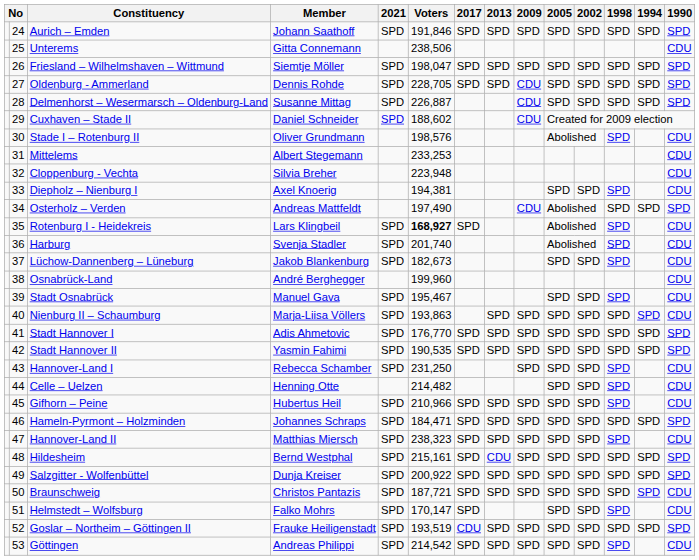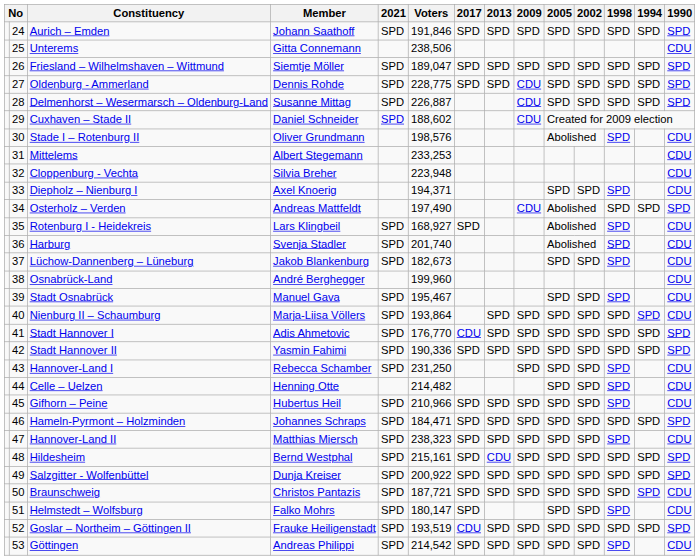 <table class="wikitable sortable">
 <tr>
 <th colspan=2>No</th>
 <th>Constituency</th>
 <th>Member</th>
 <th>2021</th>
 <th>Voters</th>
 <th>2017</th>
 <th>2013</th>
 <th>2009</th>
 <th>2005</th>
 <th>2002</th>
 <th>1998</th>
 <th>1994</th>
 <th>1990</th>
 </tr>
 <tr>
 <td style="background-color: "></td>
 <td>24</td>
 <td><a href='#'>Aurich – Emden</a></td>
 <td><a href='#'>Johann Saathoff</a></td>
 <td bgcolor=>SPD</td>
 <td>191,846</td>
 <td bgcolor=>SPD</td>
 <td bgcolor=>SPD</td>
 <td bgcolor=>SPD</td>
 <td bgcolor=>SPD</td>
 <td bgcolor=>SPD</td>
 <td bgcolor=>SPD</td>
 <td bgcolor=>SPD</td>
 <td><a href='#'>SPD</a></td>
 </tr>
 <tr>
 <td style="background-color: "></td>
 <td>25</td>
 <td><a href='#'>Unterems</a></td>
 <td><a href='#'>Gitta Connemann</a></td>
 <td></td>
 <td>238,506</td>
 <td></td>
 <td></td>
 <td></td>
 <td></td>
 <td></td>
 <td></td>
 <td></td>
 <td><a href='#'>CDU</a></td>
 </tr>
 <tr>
 <td style="background-color: "></td>
 <td>26</td>
 <td><a href='#'>Friesland – Wilhelmshaven – Wittmund</a></td>
 <td><a href='#'>Siemtje Möller</a></td>
 <td bgcolor=>SPD</td>
-<td>198,047</td>
+<td>189,047</td>
 <td bgcolor=>SPD</td>
 <td bgcolor=>SPD</td>
 <td bgcolor=>SPD</td>
 <td bgcolor=>SPD</td>
 <td bgcolor=>SPD</td>
 <td bgcolor=>SPD</td>
 <td bgcolor=>SPD</td>
 <td><a href='#'>SPD</a></td>
 </tr>
 <tr>
 <td style="background-color: "></td>
 <td>27</td>
 <td><a href='#'>Oldenburg - Ammerland</a></td>
 <td><a href='#'>Dennis Rohde</a></td>
 <td bgcolor=>SPD</td>
-<td>228,705</td>
+<td>228,775</td>
 <td bgcolor=>SPD</td>
 <td bgcolor=>SPD</td>
 <td><a href='#'>CDU</a></td>
 <td bgcolor=>SPD</td>
 <td bgcolor=>SPD</td>
 <td bgcolor=>SPD</td>
 <td bgcolor=>SPD</td>
 <td><a href='#'>SPD</a></td>
 </tr>
 <tr>
 <td style="background-color: "></td>
 <td>28</td>
 <td><a href='#'>Delmenhorst – Wesermarsch – Oldenburg-Land</a></td>
 <td><a href='#'>Susanne Mittag</a></td>
 <td bgcolor=>SPD</td>
 <td>226,887</td>
 <td></td>
 <td></td>
 <td><a href='#'>CDU</a></td>
 <td bgcolor=>SPD</td>
 <td bgcolor=>SPD</td>
 <td bgcolor=>SPD</td>
 <td bgcolor=>SPD</td>
 <td><a href='#'>SPD</a></td>
 </tr>
 <tr>
 <td style="background-color: "></td>
 <td>29</td>
 <td><a href='#'>Cuxhaven – Stade II</a></td>
 <td><a href='#'>Daniel Schneider</a></td>
 <td><a href='#'>SPD</a></td>
 <td>188,602</td>
 <td></td>
 <td></td>
 <td><a href='#'>CDU</a></td>
 <td colspan=5>Created for 2009 election</td>
 </tr>
 <tr>
 <td style="background-color: "></td>
 <td>30</td>
 <td><a href='#'>Stade I – Rotenburg II</a></td>
 <td><a href='#'>Oliver Grundmann</a></td>
 <td></td>
 <td>198,576</td>
 <td></td>
 <td></td>
 <td></td>
 <td colspan=2>Abolished</td>
 <td><a href='#'>SPD</a></td>
 <td></td>
 <td><a href='#'>CDU</a></td>
 </tr>
 <tr>
 <td style="background-color: "></td>
 <td>31</td>
 <td><a href='#'>Mittelems</a></td>
 <td><a href='#'>Albert Stegemann</a></td>
 <td></td>
 <td>233,253</td>
 <td></td>
 <td></td>
 <td></td>
 <td></td>
 <td></td>
 <td></td>
 <td></td>
 <td><a href='#'>CDU</a></td>
 </tr>
 <tr>
 <td style="background-color: "></td>
 <td>32</td>
 <td><a href='#'>Cloppenburg - Vechta</a></td>
 <td><a href='#'>Silvia Breher</a></td>
 <td></td>
 <td>223,948</td>
 <td></td>
 <td></td>
 <td></td>
 <td></td>
 <td></td>
 <td></td>
 <td></td>
 <td><a href='#'>CDU</a></td>
 </tr>
 <tr>
 <td style="background-color: "></td>
 <td>33</td>
 <td><a href='#'>Diepholz – Nienburg I</a></td>
 <td><a href='#'>Axel Knoerig</a></td>
 <td></td>
-<td>194,381</td>
+<td>194,371</td>
 <td></td>
 <td></td>
 <td></td>
 <td bgcolor=>SPD</td>
 <td bgcolor=>SPD</td>
 <td><a href='#'>SPD</a></td>
 <td></td>
 <td><a href='#'>CDU</a></td>
 </tr>
 <tr>
 <td style="background-color: "></td>
 <td>34</td>
 <td><a href='#'>Osterholz – Verden</a></td>
 <td><a href='#'>Andreas Mattfeldt</a></td>
 <td></td>
 <td>197,490</td>
 <td></td>
 <td></td>
 <td><a href='#'>CDU</a></td>
 <td colspan=2>Abolished</td>
 <td bgcolor=>SPD</td>
 <td bgcolor=>SPD</td>
 <td><a href='#'>SPD</a></td>
 </tr>
 <tr>
 <td style="background-color: "></td>
 <td>35</td>
 <td><a href='#'>Rotenburg I - Heidekreis</a></td>
 <td><a href='#'>Lars Klingbeil</a></td>
 <td bgcolor=>SPD</td>
-<td><strong>168,927</strong></td>
+<td>168,927</td>
 <td bgcolor=>SPD</td>
 <td></td>
 <td></td>
 <td colspan=2>Abolished</td>
 <td><a href='#'>SPD</a></td>
 <td></td>
 <td><a href='#'>CDU</a></td>
 </tr>
 <tr>
 <td style="background-color: "></td>
 <td>36</td>
 <td><a href='#'>Harburg</a></td>
 <td><a href='#'>Svenja Stadler</a></td>
 <td bgcolor=>SPD</td>
 <td>201,740</td>
 <td></td>
 <td></td>
 <td></td>
 <td colspan=2>Abolished</td>
 <td><a href='#'>SPD</a></td>
 <td></td>
 <td><a href='#'>CDU</a></td>
 </tr>
 <tr>
 <td style="background-color: "></td>
 <td>37</td>
 <td><a href='#'>Lüchow-Dannenberg – Lüneburg</a></td>
 <td><a href='#'>Jakob Blankenburg</a></td>
 <td bgcolor=>SPD</td>
 <td>182,673</td>
 <td></td>
 <td></td>
 <td></td>
 <td bgcolor=>SPD</td>
 <td bgcolor=>SPD</td>
 <td><a href='#'>SPD</a></td>
 <td></td>
 <td><a href='#'>CDU</a></td>
 </tr>
 <tr>
 <td style="background-color: "></td>
 <td>38</td>
 <td><a href='#'>Osnabrück-Land</a></td>
 <td><a href='#'>André Berghegger</a></td>
 <td></td>
 <td>199,960</td>
 <td></td>
 <td></td>
 <td></td>
 <td></td>
 <td></td>
 <td></td>
 <td></td>
 <td><a href='#'>CDU</a></td>
 </tr>
 <tr>
 <td style="background-color: "></td>
 <td>39</td>
 <td><a href='#'>Stadt Osnabrück</a></td>
 <td><a href='#'>Manuel Gava</a></td>
 <td bgcolor=>SPD</td>
 <td>195,467</td>
 <td></td>
 <td></td>
 <td></td>
 <td bgcolor=>SPD</td>
 <td bgcolor=>SPD</td>
 <td><a href='#'>SPD</a></td>
 <td></td>
 <td><a href='#'>CDU</a></td>
 </tr>
 <tr>
 <td style="background-color: "></td>
 <td>40</td>
 <td><a href='#'>Nienburg II – Schaumburg</a></td>
 <td><a href='#'>Marja-Liisa Völlers</a></td>
 <td bgcolor=>SPD</td>
-<td>193,863</td>
+<td>193,864</td>
 <td></td>
 <td bgcolor=>SPD</td>
 <td bgcolor=>SPD</td>
 <td bgcolor=>SPD</td>
 <td bgcolor=>SPD</td>
 <td bgcolor=>SPD</td>
 <td><a href='#'>SPD</a></td>
 <td><a href='#'>CDU</a></td>
 </tr>
 <tr>
 <td style="background-color: "></td>
 <td>41</td>
 <td><a href='#'>Stadt Hannover I</a></td>
 <td><a href='#'>Adis Ahmetovic</a></td>
 <td bgcolor=>SPD</td>
 <td>176,770</td>
-<td bgcolor=>SPD</td>
+<td><a href='#'>CDU</a></td>
 <td bgcolor=>SPD</td>
 <td bgcolor=>SPD</td>
 <td bgcolor=>SPD</td>
 <td bgcolor=>SPD</td>
 <td bgcolor=>SPD</td>
 <td bgcolor=>SPD</td>
 <td><a href='#'>SPD</a></td>
 </tr>
 <tr>
 <td style="background-color: "></td>
 <td>42</td>
 <td><a href='#'>Stadt Hannover II</a></td>
 <td><a href='#'>Yasmin Fahimi</a></td>
 <td bgcolor=>SPD</td>
-<td>190,535</td>
+<td>190,336</td>
 <td bgcolor=>SPD</td>
 <td bgcolor=>SPD</td>
 <td bgcolor=>SPD</td>
 <td bgcolor=>SPD</td>
 <td bgcolor=>SPD</td>
 <td bgcolor=>SPD</td>
 <td bgcolor=>SPD</td>
 <td><a href='#'>SPD</a></td>
 </tr>
 <tr>
 <td style="background-color: "></td>
 <td>43</td>
 <td><a href='#'>Hannover-Land I</a></td>
 <td><a href='#'>Rebecca Schamber</a></td>
 <td bgcolor=>SPD</td>
 <td>231,250</td>
 <td></td>
 <td></td>
 <td bgcolor=>SPD</td>
 <td bgcolor=>SPD</td>
 <td bgcolor=>SPD</td>
 <td><a href='#'>SPD</a></td>
 <td></td>
 <td><a href='#'>CDU</a></td>
 </tr>
 <tr>
 <td style="background-color: "></td>
 <td>44</td>
 <td><a href='#'>Celle – Uelzen</a></td>
 <td><a href='#'>Henning Otte</a></td>
 <td></td>
 <td>214,482</td>
 <td></td>
 <td></td>
 <td></td>
 <td bgcolor=>SPD</td>
 <td bgcolor=>SPD</td>
 <td><a href='#'>SPD</a></td>
 <td></td>
 <td><a href='#'>CDU</a></td>
 </tr>
 <tr>
 <td style="background-color: "></td>
 <td>45</td>
 <td><a href='#'>Gifhorn – Peine</a></td>
 <td><a href='#'>Hubertus Heil</a></td>
 <td bgcolor=>SPD</td>
 <td>210,966</td>
 <td bgcolor=>SPD</td>
 <td bgcolor=>SPD</td>
 <td bgcolor=>SPD</td>
 <td bgcolor=>SPD</td>
 <td bgcolor=>SPD</td>
 <td><a href='#'>SPD</a></td>
 <td></td>
 <td><a href='#'>CDU</a></td>
 </tr>
 <tr>
 <td style="background-color: "></td>
 <td>46</td>
 <td><a href='#'>Hameln-Pyrmont – Holzminden</a></td>
 <td><a href='#'>Johannes Schraps</a></td>
 <td bgcolor=>SPD</td>
 <td>184,471</td>
 <td bgcolor=>SPD</td>
 <td bgcolor=>SPD</td>
 <td bgcolor=>SPD</td>
 <td bgcolor=>SPD</td>
 <td bgcolor=>SPD</td>
 <td bgcolor=>SPD</td>
 <td bgcolor=>SPD</td>
 <td><a href='#'>SPD</a></td>
 </tr>
 <tr>
 <td style="background-color: "></td>
 <td>47</td>
 <td><a href='#'>Hannover-Land II</a></td>
 <td><a href='#'>Matthias Miersch</a></td>
 <td bgcolor=>SPD</td>
 <td>238,323</td>
 <td bgcolor=>SPD</td>
 <td bgcolor=>SPD</td>
 <td bgcolor=>SPD</td>
 <td bgcolor=>SPD</td>
 <td bgcolor=>SPD</td>
 <td><a href='#'>SPD</a></td>
 <td></td>
 <td><a href='#'>CDU</a></td>
 </tr>
 <tr>
 <td style="background-color: "></td>
 <td>48</td>
 <td><a href='#'>Hildesheim</a></td>
 <td><a href='#'>Bernd Westphal</a></td>
 <td bgcolor=>SPD</td>
 <td>215,161</td>
 <td bgcolor=>SPD</td>
 <td><a href='#'>CDU</a></td>
 <td bgcolor=>SPD</td>
 <td bgcolor=>SPD</td>
 <td bgcolor=>SPD</td>
 <td bgcolor=>SPD</td>
 <td bgcolor=>SPD</td>
 <td><a href='#'>SPD</a></td>
 </tr>
 <tr>
 <td style="background-color: "></td>
 <td>49</td>
 <td><a href='#'>Salzgitter - Wolfenbüttel</a></td>
 <td><a href='#'>Dunja Kreiser</a></td>
 <td bgcolor=>SPD</td>
 <td>200,922</td>
 <td bgcolor=>SPD</td>
 <td bgcolor=>SPD</td>
 <td bgcolor=>SPD</td>
 <td bgcolor=>SPD</td>
 <td bgcolor=>SPD</td>
 <td bgcolor=>SPD</td>
 <td bgcolor=>SPD</td>
 <td><a href='#'>SPD</a></td>
 </tr>
 <tr>
 <td style="background-color: "></td>
 <td>50</td>
 <td><a href='#'>Braunschweig</a></td>
 <td><a href='#'>Christos Pantazis</a></td>
 <td bgcolor=>SPD</td>
 <td>187,721</td>
 <td bgcolor=>SPD</td>
 <td bgcolor=>SPD</td>
 <td bgcolor=>SPD</td>
 <td bgcolor=>SPD</td>
 <td bgcolor=>SPD</td>
 <td bgcolor=>SPD</td>
 <td><a href='#'>SPD</a></td>
 <td><a href='#'>CDU</a></td>
 </tr>
 <tr>
 <td style="background-color: "></td>
 <td>51</td>
 <td><a href='#'>Helmstedt – Wolfsburg</a></td>
 <td><a href='#'>Falko Mohrs</a></td>
 <td bgcolor=>SPD</td>
-<td>170,147</td>
+<td>180,147</td>
 <td bgcolor=>SPD</td>
 <td></td>
 <td></td>
 <td bgcolor=>SPD</td>
 <td bgcolor=>SPD</td>
 <td><a href='#'>SPD</a></td>
 <td></td>
 <td><a href='#'>CDU</a></td>
 </tr>
 <tr>
 <td style="background-color: "></td>
 <td>52</td>
 <td><a href='#'>Goslar – Northeim – Göttingen II</a></td>
 <td><a href='#'>Frauke Heiligenstadt</a></td>
 <td bgcolor=>SPD</td>
 <td>193,519</td>
 <td><a href='#'>CDU</a></td>
 <td bgcolor=>SPD</td>
 <td bgcolor=>SPD</td>
 <td bgcolor=>SPD</td>
 <td bgcolor=>SPD</td>
 <td bgcolor=>SPD</td>
 <td bgcolor=>SPD</td>
 <td><a href='#'>SPD</a></td>
 </tr>
 <tr>
 <td style="background-color: "></td>
 <td>53</td>
 <td><a href='#'>Göttingen</a></td>
 <td><a href='#'>Andreas Philippi</a></td>
 <td bgcolor=>SPD</td>
 <td>214,542</td>
 <td bgcolor=>SPD</td>
 <td bgcolor=>SPD</td>
 <td bgcolor=>SPD</td>
 <td bgcolor=>SPD</td>
 <td bgcolor=>SPD</td>
 <td><a href='#'>SPD</a></td>
 <td></td>
 <td><a href='#'>CDU</a></td>
 </tr>
 </table>
